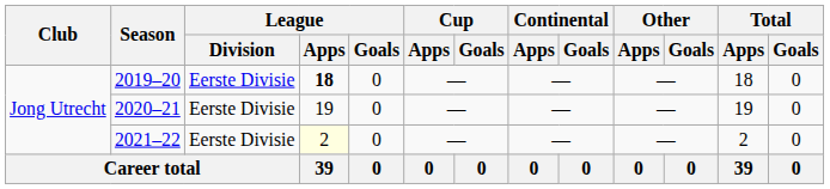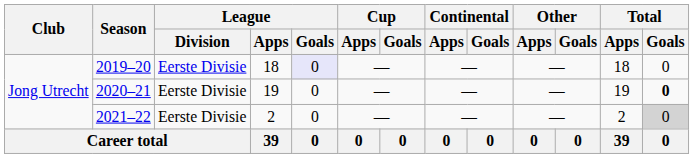 <table class="wikitable" style="text-align:center">
 <tr>
 <th rowspan="2">Club</th>
 <th rowspan="2">Season</th>
 <th colspan="3">League</th>
 <th colspan="2">Cup</th>
 <th colspan="2">Continental</th>
 <th colspan="2">Other</th>
 <th colspan="2">Total</th>
 </tr>
 <tr>
 <th>Division</th>
 <th>Apps</th>
 <th>Goals</th>
 <th>Apps</th>
 <th>Goals</th>
 <th>Apps</th>
 <th>Goals</th>
 <th>Apps</th>
 <th>Goals</th>
 <th>Apps</th>
 <th>Goals</th>
 </tr>
 <tr>
 <td rowspan="3"><a href='#'>Jong Utrecht</a></td>
 <td><a href='#'>2019–20</a></td>
 <td><a href='#'>Eerste Divisie</a></td>
-<td><strong>18</strong></td>
-<td>0</td>
+<td>18</td>
+<td style="background: lavender;">0</td>
 <td colspan="2">—</td>
 <td colspan="2">—</td>
 <td colspan="2">—</td>
 <td>18</td>
 <td>0</td>
 </tr>
 <tr>
 <td><a href='#'>2020–21</a></td>
 <td>Eerste Divisie</td>
 <td>19</td>
 <td>0</td>
 <td colspan="2">—</td>
 <td colspan="2">—</td>
 <td colspan="2">—</td>
 <td>19</td>
-<td>0</td>
+<td><strong>0</strong></td>
 </tr>
 <tr>
 <td><a href='#'>2021–22</a></td>
 <td>Eerste Divisie</td>
-<td style="background: lightyellow;">2</td>
+<td>2</td>
 <td>0</td>
 <td colspan="2">—</td>
 <td colspan="2">—</td>
 <td colspan="2">—</td>
 <td>2</td>
-<td>0</td>
+<td style="background: lightgrey;">0</td>
 </tr>
 <tr>
 <th colspan="3">Career total</th>
 <th>39</th>
 <th>0</th>
 <th>0</th>
 <th>0</th>
 <th>0</th>
 <th>0</th>
 <th>0</th>
 <th>0</th>
 <th>39</th>
 <th>0</th>
 </tr>
 </table>
